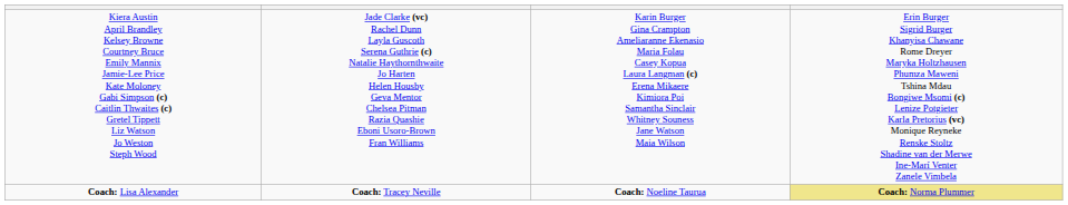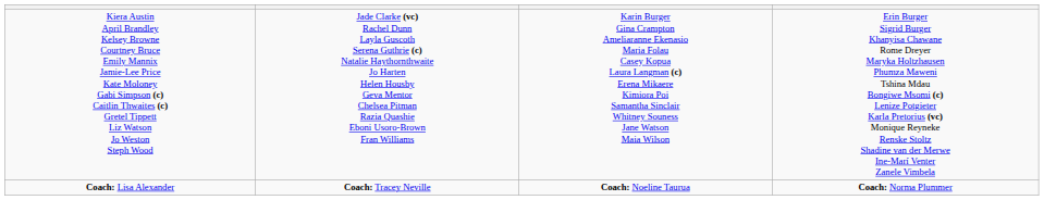 <table class=wikitable width=100% style="text-align:center; font-size:90%">
 <tr>
 <th></th>
 <th></th>
 <th></th>
 <th></th>
 </tr>
 <tr valign=top>
 <td><a href='#'>Kiera Austin</a><br><a href='#'>April Brandley</a><br><a href='#'>Kelsey Browne</a><br><a href='#'>Courtney Bruce</a><br><a href='#'>Emily Mannix</a><br><a href='#'>Jamie-Lee Price</a><br><a href='#'>Kate Moloney</a><br><a href='#'>Gabi Simpson</a> <strong>(c)</strong><br><a href='#'>Caitlin Thwaites</a> <strong>(c)</strong><br><a href='#'>Gretel Tippett</a><br><a href='#'>Liz Watson</a><br><a href='#'>Jo Weston</a><br><a href='#'>Steph Wood</a></td>
 <td><a href='#'>Jade Clarke</a> <strong>(vc)</strong><br><a href='#'>Rachel Dunn</a><br><a href='#'>Layla Guscoth</a><br><a href='#'>Serena Guthrie</a> <strong>(c)</strong><br><a href='#'>Natalie Haythornthwaite</a><br><a href='#'>Jo Harten</a><br><a href='#'>Helen Housby</a><br><a href='#'>Geva Mentor</a><br><a href='#'>Chelsea Pitman</a><br><a href='#'>Razia Quashie</a><br><a href='#'>Eboni Usoro-Brown</a><br><a href='#'>Fran Williams</a></td>
 <td><a href='#'>Karin Burger</a><br><a href='#'>Gina Crampton</a><br><a href='#'>Ameliaranne Ekenasio</a><br><a href='#'>Maria Folau</a><br><a href='#'>Casey Kopua</a><br><a href='#'>Laura Langman</a> <strong>(c)</strong><br><a href='#'>Erena Mikaere</a><br><a href='#'>Kimiora Poi</a><br><a href='#'>Samantha Sinclair</a><br><a href='#'>Whitney Souness</a><br><a href='#'>Jane Watson</a><br><a href='#'>Maia Wilson</a></td>
 <td><a href='#'>Erin Burger</a><br><a href='#'>Sigrid Burger</a><br><a href='#'>Khanyisa Chawane</a><br>Rome Dreyer<br><a href='#'>Maryka Holtzhausen</a><br><a href='#'>Phumza Maweni</a><br>Tshina Mdau<br><a href='#'>Bongiwe Msomi</a> <strong>(c)</strong><br><a href='#'>Lenize Potgieter</a><br><a href='#'>Karla Pretorius</a> <strong>(vc)</strong><br>Monique Reyneke<br><a href='#'>Renske Stoltz</a><br><a href='#'>Shadine van der Merwe</a><br><a href='#'>Ine-Marí Venter</a><br><a href='#'>Zanele Vimbela</a></td>
 </tr>
 <tr>
 <td> <strong>Coach:</strong> <a href='#'>Lisa Alexander</a></td>
 <td> <strong>Coach:</strong> <a href='#'>Tracey Neville</a></td>
 <td> <strong>Coach:</strong> <a href='#'>Noeline Taurua</a></td>
-<td style="background: khaki;"> <strong>Coach:</strong> <a href='#'>Norma Plummer</a></td>
+<td> <strong>Coach:</strong> <a href='#'>Norma Plummer</a></td>
 </tr>
 </table>
